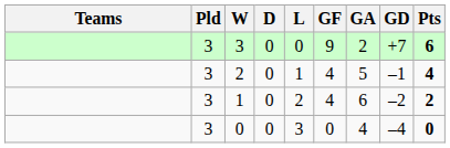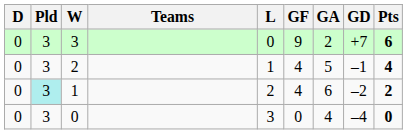 <table class="wikitable" style="text-align: center;">
 <tr>
-<th width=165>Teams</th>
+<th width=20>D</th>
 <th width=20>Pld</th>
 <th width=20>W</th>
-<th width=20>D</th>
+<th width=165>Teams</th>
 <th width=20>L</th>
 <th width=20>GF</th>
 <th width=20>GA</th>
 <th width=20>GD</th>
 <th width=20>Pts</th>
 </tr>
 <tr align=center style="background:#ccffcc;">
-<td style="text-align:left;"></td>
+<td>0</td>
 <td>3</td>
 <td>3</td>
-<td>0</td>
+<td style="text-align:left;"></td>
 <td>0</td>
 <td>9</td>
 <td>2</td>
 <td>+7</td>
 <td><strong>6</strong></td>
 </tr>
 <tr align=center>
-<td style="text-align:left;"></td>
+<td>0</td>
 <td>3</td>
 <td>2</td>
-<td>0</td>
+<td style="text-align:left;"></td>
 <td>1</td>
 <td>4</td>
 <td>5</td>
 <td>–1</td>
 <td><strong>4</strong></td>
 </tr>
 <tr align=center>
+<td>0</td>
+<td style="background: paleturquoise;">3</td>
+<td>1</td>
 <td style="text-align:left;"></td>
-<td>3</td>
-<td>1</td>
-<td>0</td>
 <td>2</td>
 <td>4</td>
 <td>6</td>
 <td>–2</td>
 <td><strong>2</strong></td>
 </tr>
 <tr align=center>
-<td style="text-align:left;"></td>
+<td>0</td>
 <td>3</td>
 <td>0</td>
-<td>0</td>
+<td style="text-align:left;"></td>
 <td>3</td>
 <td>0</td>
 <td>4</td>
 <td>–4</td>
 <td><strong>0</strong></td>
 </tr>
 </table>
